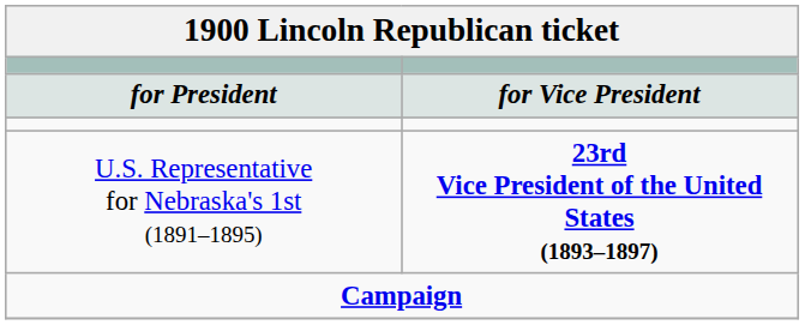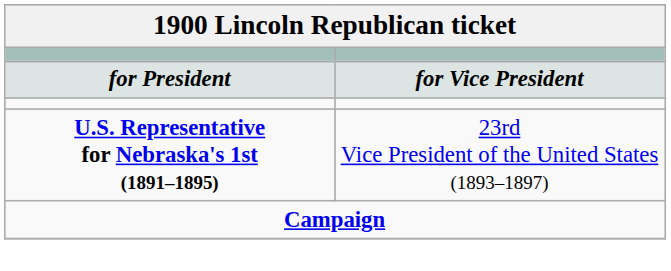 <table class="wikitable" style="font-size:90%; text-align:center;">
 <tr>
 <td style="background:#f1f1f1;" colspan="30"><big><strong>1900 Lincoln Republican ticket</strong></big></td>
 </tr>
 <tr>
 <th style="width:3em; font-size:135%; background:#A3BFBA; width:200px;"><a href='#'></a></th>
 <th style="width:3em; font-size:135%; background:#A3BFBA; width:200px;"><a href='#'></a></th>
 </tr>
 <tr>
 <td style="width:3em; font-size:100%; color:#000; background:#DCE5E3; width:200px;"><strong><em>for President</em></strong></td>
 <td style="width:3em; font-size:100%; color:#000; background:#DCE5E3; width:200px;"><strong><em>for Vice President</em></strong></td>
 </tr>
 <tr>
 <td></td>
 <td></td>
 </tr>
 <tr>
-<td><a href='#'>U.S. Representative</a><br>for <a href='#'>Nebraska's 1st</a><br><small>(1891–1895)</small></td>
-<td><strong><a href='#'>23rd</a><br><a href='#'>Vice President of the United States</a><br><small>(1893–1897)</small></strong></td>
+<td><strong><a href='#'>U.S. Representative</a><br>for <a href='#'>Nebraska's 1st</a><br><small>(1891–1895)</small></strong></td>
+<td><a href='#'>23rd</a><br><a href='#'>Vice President of the United States</a><br><small>(1893–1897)</small></td>
 </tr>
 <tr>
 <td colspan=2><a href='#'><strong>Campaign</strong></a></td>
 </tr>
 <tr>
 </tr>
 </table>
